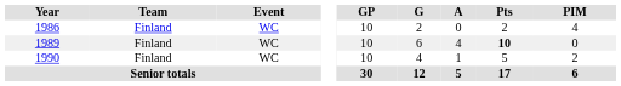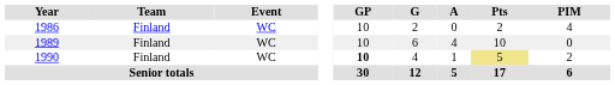 <table border="0" cellpadding="1" cellspacing="0" style="text-align:center; width:50em">
 <tr ALIGN="center" bgcolor="#e0e0e0">
 <th>Year</th>
 <th>Team</th>
 <th>Event</th>
 <th rowspan="99" bgcolor="#ffffff"> </th>
 <th>GP</th>
 <th>G</th>
 <th>A</th>
 <th>Pts</th>
 <th>PIM</th>
 </tr>
 <tr>
 <td><a href='#'>1986</a></td>
 <td><a href='#'>Finland</a></td>
 <td><a href='#'>WC</a></td>
 <td>10</td>
 <td>2</td>
 <td>0</td>
 <td>2</td>
 <td>4</td>
 </tr>
 <tr bgcolor="#f0f0f0">
 <td><a href='#'>1989</a></td>
 <td>Finland</td>
 <td>WC</td>
 <td>10</td>
 <td>6</td>
 <td>4</td>
-<td><strong>10</strong></td>
+<td>10</td>
 <td>0</td>
 </tr>
 <tr>
 <td><a href='#'>1990</a></td>
 <td>Finland</td>
 <td>WC</td>
-<td>10</td>
+<td><strong>10</strong></td>
 <td>4</td>
 <td>1</td>
-<td>5</td>
+<td style="background: khaki;">5</td>
 <td>2</td>
 </tr>
 <tr bgcolor="#e0e0e0">
 <th colspan=3>Senior totals</th>
 <th>30</th>
 <th>12</th>
 <th>5</th>
 <th>17</th>
 <th>6</th>
 </tr>
 </table>
